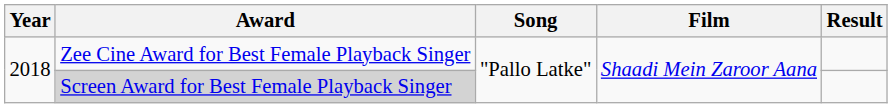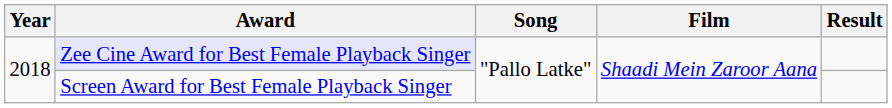 <table class="wikitable">
 <tr>
 <th>Year</th>
 <th>Award</th>
 <th>Song</th>
 <th>Film</th>
 <th>Result</th>
 </tr>
 <tr>
 <td rowspan="2">2018</td>
-<td><a href='#'>Zee Cine Award for Best Female Playback Singer</a></td>
+<td style="background: lavender;"><a href='#'>Zee Cine Award for Best Female Playback Singer</a></td>
 <td rowspan="2">"Pallo Latke"</td>
 <td rowspan="2"><em><a href='#'>Shaadi Mein Zaroor Aana</a></em></td>
 <td></td>
 </tr>
 <tr>
-<td style="background: lightgrey;"><a href='#'>Screen Award for Best Female Playback Singer</a></td>
+<td><a href='#'>Screen Award for Best Female Playback Singer</a></td>
 <td></td>
 </tr>
 </table>
